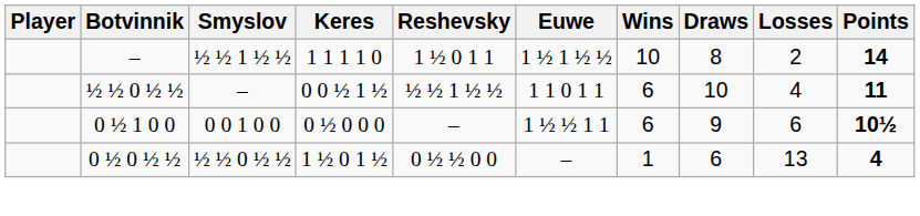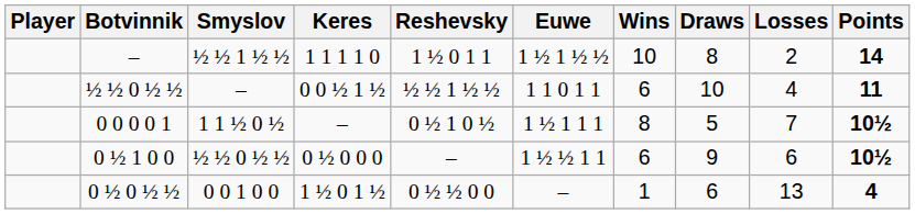 <table class="wikitable" style="text-align:center; margin: 1em auto 1em auto;">
 <tr>
 <th>Player</th>
 <th>Botvinnik</th>
 <th>Smyslov</th>
 <th>Keres</th>
 <th>Reshevsky</th>
 <th>Euwe</th>
 <th>Wins</th>
 <th>Draws</th>
 <th>Losses</th>
 <th>Points</th>
 </tr>
 <tr>
 <td align=left></td>
 <td style="font-family:'lucida console',mono;">–</td>
 <td style="font-family:'lucida console',mono;">½ ½ 1 ½ ½</td>
 <td style="font-family:'lucida console',mono;">1 1 1 1 0</td>
 <td style="font-family:'lucida console',mono;">1 ½ 0 1 1</td>
 <td style="font-family:'lucida console',mono;">1 ½ 1 ½ ½</td>
 <td>10</td>
 <td>8</td>
 <td>2</td>
 <td><strong>14</strong></td>
 </tr>
 <tr>
 <td align=left></td>
 <td style="font-family:'lucida console',mono;">½ ½ 0 ½ ½</td>
 <td style="font-family:'lucida console',mono;">–</td>
 <td style="font-family:'lucida console',mono;">0 0 ½ 1 ½</td>
 <td style="font-family:'lucida console',mono;">½ ½ 1 ½ ½</td>
 <td style="font-family:'lucida console',mono;">1 1 0 1 1</td>
 <td>6</td>
 <td>10</td>
 <td>4</td>
 <td><strong>11</strong></td>
 </tr>
 <tr>
 <td align=left></td>
+<td style="font-family:'lucida console',mono;">0 0 0 0 1</td>
+<td style="font-family:'lucida console',mono;">1 1 ½ 0 ½</td>
+<td style="font-family:'lucida console',mono;">–</td>
+<td style="font-family:'lucida console',mono;">0 ½ 1 0 ½</td>
+<td style="font-family:'lucida console',mono;">1 ½ 1 1 1</td>
+<td>8</td>
+<td>5</td>
+<td>7</td>
+<td><strong>10½</strong></td>
+</tr>
+<tr>
+<td align=left></td>
 <td style="font-family:'lucida console',mono;">0 ½ 1 0 0</td>
-<td style="font-family:'lucida console',mono;">0 0 1 0 0</td>
+<td style="font-family:'lucida console',mono;">½ ½ 0 ½ ½</td>
 <td style="font-family:'lucida console',mono;">0 ½ 0 0 0</td>
 <td style="font-family:'lucida console',mono;">–</td>
 <td style="font-family:'lucida console',mono;">1 ½ ½ 1 1</td>
 <td>6</td>
 <td>9</td>
 <td>6</td>
 <td><strong>10½</strong></td>
 </tr>
 <tr>
 <td align=left></td>
 <td style="font-family:'lucida console',mono;">0 ½ 0 ½ ½</td>
-<td style="font-family:'lucida console',mono;">½ ½ 0 ½ ½</td>
+<td style="font-family:'lucida console',mono;">0 0 1 0 0</td>
 <td style="font-family:'lucida console',mono;">1 ½ 0 1 ½</td>
 <td style="font-family:'lucida console',mono;">0 ½ ½ 0 0</td>
 <td style="font-family:'lucida console',mono;">–</td>
 <td>1</td>
 <td>6</td>
 <td>13</td>
 <td><strong>4</strong></td>
 </tr>
 </table>
